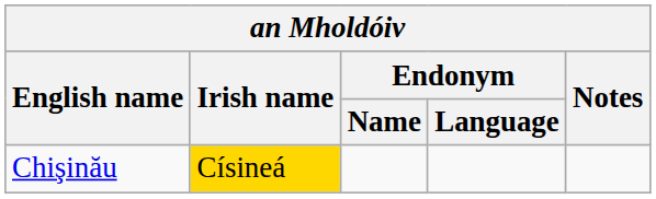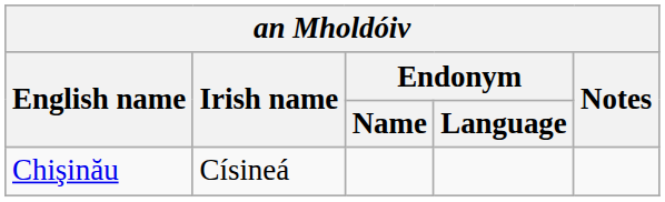 <table class="wikitable sortable">
 <tr>
 <th colspan="5"> <em>an Mholdóiv</em></th>
 </tr>
 <tr>
 <th rowspan="2">English name</th>
 <th rowspan="2">Irish name</th>
 <th colspan="2">Endonym</th>
 <th rowspan="2">Notes</th>
 </tr>
 <tr>
 <th>Name</th>
 <th>Language</th>
 </tr>
 <tr>
 <td><a href='#'>Chişinău</a></td>
-<td style="background: gold;">Císineá</td>
+<td>Císineá</td>
 <td></td>
 <td></td>
 <td></td>
 </tr>
 </table>
